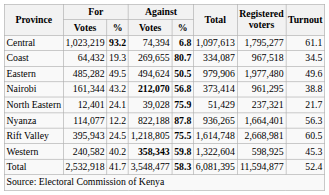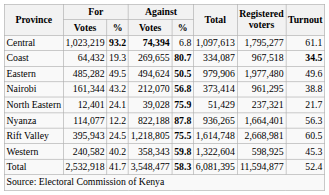 <table class="wikitable sortable" style=text-align:right>
 <tr>
 <th rowspan=2>Province</th>
 <th colspan=2>For</th>
 <th colspan=2>Against</th>
 <th rowspan=2>Total</th>
 <th rowspan=2>Registered<br>voters</th>
 <th rowspan=2>Turnout</th>
 </tr>
 <tr>
 <th>Votes</th>
 <th>%</th>
 <th>Votes</th>
 <th>%</th>
 </tr>
 <tr>
 <td align=left>Central</td>
 <td>1,023,219</td>
 <td><strong>93.2</strong></td>
-<td>74,394</td>
-<td><strong>6.8</strong></td>
+<td><strong>74,394</strong></td>
+<td>6.8</td>
 <td>1,097,613</td>
 <td>1,795,277</td>
 <td>61.1</td>
 </tr>
 <tr>
 <td align=left>Coast</td>
 <td>64,432</td>
 <td>19.3</td>
 <td>269,655</td>
 <td><strong>80.7</strong></td>
 <td>334,087</td>
 <td>967,518</td>
-<td>34.5</td>
+<td><strong>34.5</strong></td>
 </tr>
 <tr>
 <td align=left>Eastern</td>
 <td>485,282</td>
 <td>49.5</td>
 <td>494,624</td>
 <td><strong>50.5</strong></td>
 <td>979,906</td>
 <td>1,977,480</td>
 <td>49.6</td>
 </tr>
 <tr>
 <td align=left>Nairobi</td>
 <td>161,344</td>
 <td>43.2</td>
-<td><strong>212,070</strong></td>
+<td>212,070</td>
 <td><strong>56.8</strong></td>
 <td>373,414</td>
 <td>961,295</td>
 <td>38.8</td>
 </tr>
 <tr>
 <td align=left>North Eastern</td>
 <td>12,401</td>
 <td>24.1</td>
 <td>39,028</td>
 <td><strong>75.9</strong></td>
 <td>51,429</td>
 <td>237,321</td>
 <td>21.7</td>
 </tr>
 <tr>
 <td align=left>Nyanza</td>
 <td>114,077</td>
 <td>12.2</td>
 <td>822,188</td>
 <td><strong>87.8</strong></td>
 <td>936,265</td>
 <td>1,664,401</td>
 <td>56.3</td>
 </tr>
 <tr>
 <td align=left>Rift Valley</td>
 <td>395,943</td>
 <td>24.5</td>
 <td>1,218,805</td>
 <td><strong>75.5</strong></td>
 <td>1,614,748</td>
 <td>2,668,981</td>
 <td>60.5</td>
 </tr>
 <tr>
 <td align=left>Western</td>
 <td>240,582</td>
 <td>40.2</td>
-<td><strong>358,343</strong></td>
+<td>358,343</td>
 <td><strong>59.8</strong></td>
 <td>1,322,604</td>
 <td>598,925</td>
 <td>45.3</td>
 </tr>
 <tr class=sortbottom>
 <td align=left>Total</td>
 <td>2,532,918</td>
 <td>41.7</td>
 <td>3,548,477</td>
 <td><strong>58.3</strong></td>
 <td>6,081,395</td>
 <td>11,594,877</td>
 <td>52.4</td>
 </tr>
 <tr class=sortbottom>
 <td align=left colspan=13>Source: Electoral Commission of Kenya</td>
 </tr>
 </table>
